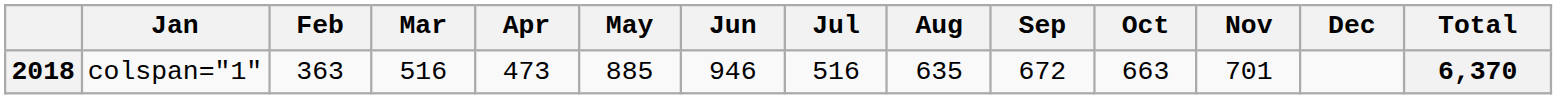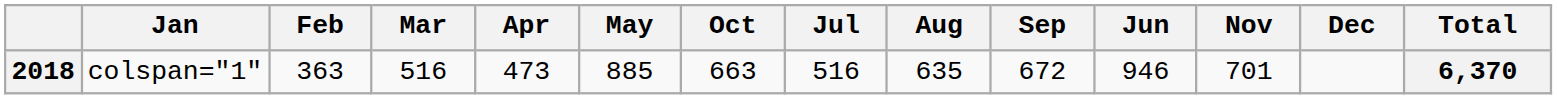 <table class="wikitable" style="font-size: 90%; text-align: center">
 <tr>
 <th></th>
 <th width="40">Jan</th>
 <th width="40">Feb</th>
 <th width="40">Mar</th>
 <th width="40">Apr</th>
 <th width="40">May</th>
-<th width="40">Jun</th>
+<th width="40">Oct</th>
 <th width="40">Jul</th>
 <th width="40">Aug</th>
 <th width="40">Sep</th>
-<th width="40">Oct</th>
+<th width="40">Jun</th>
 <th width="40">Nov</th>
 <th width="40">Dec</th>
 <th width="60">Total</th>
 </tr>
 <tr>
 <th>2018</th>
 <td>colspan="1" </td>
 <td>363</td>
 <td>516</td>
 <td>473</td>
 <td>885</td>
-<td>946</td>
+<td>663</td>
 <td>516</td>
 <td>635</td>
 <td>672</td>
-<td>663</td>
+<td>946</td>
 <td>701</td>
 <td></td>
 <th>6,370</th>
 </tr>
 </table>
